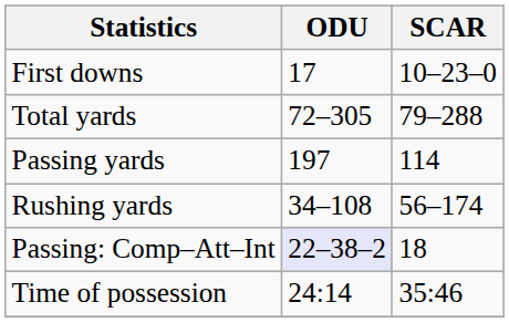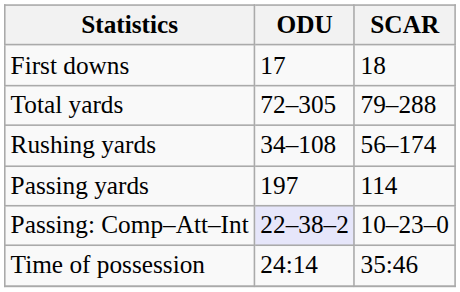 <table class="wikitable" style="float: left;">
 <tr>
 <th>Statistics</th>
 <th>ODU</th>
 <th>SCAR</th>
 </tr>
 <tr>
 <td>First downs</td>
 <td>17</td>
-<td>10–23–0</td>
+<td>18</td>
 </tr>
 <tr>
 <td>Total yards</td>
 <td>72–305</td>
 <td>79–288</td>
 </tr>
 <tr>
+<td>Rushing yards</td>
+<td>34–108</td>
+<td>56–174</td>
+</tr>
+<tr>
 <td>Passing yards</td>
 <td>197</td>
 <td>114</td>
 </tr>
 <tr>
-<td>Rushing yards</td>
-<td>34–108</td>
-<td>56–174</td>
-</tr>
-<tr>
 <td>Passing: Comp–Att–Int</td>
 <td style="background: lavender;">22–38–2</td>
-<td>18</td>
+<td>10–23–0</td>
 </tr>
 <tr>
 <td>Time of possession</td>
 <td>24:14</td>
 <td>35:46</td>
 </tr>
 <tr>
 </tr>
 </table>
